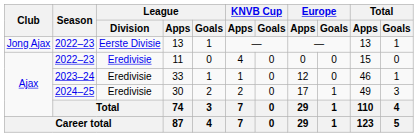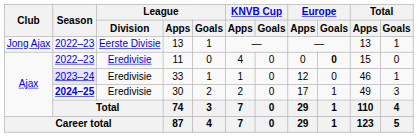 <table class="wikitable" style="text-align: center">
 <tr>
 <th rowspan="2">Club</th>
 <th rowspan="2">Season</th>
 <th colspan="3">League</th>
 <th colspan="2"><a href='#'>KNVB Cup</a></th>
 <th colspan="2"><a href='#'>Europe</a></th>
 <th colspan="2">Total</th>
 </tr>
 <tr>
 <th>Division</th>
 <th>Apps</th>
 <th>Goals</th>
 <th>Apps</th>
 <th>Goals</th>
 <th>Apps</th>
 <th>Goals</th>
 <th>Apps</th>
 <th>Goals</th>
 </tr>
 <tr>
 <td><a href='#'>Jong Ajax</a></td>
 <td><a href='#'>2022–23</a></td>
 <td><a href='#'>Eerste Divisie</a></td>
 <td>13</td>
 <td>1</td>
 <td colspan="2">—</td>
 <td colspan="2">—</td>
 <td>13</td>
 <td>1</td>
 </tr>
 <tr>
 <td rowspan="4"><a href='#'>Ajax</a></td>
 <td><a href='#'>2022–23</a></td>
 <td><a href='#'>Eredivisie</a></td>
 <td>11</td>
 <td>0</td>
 <td>4</td>
 <td>0</td>
 <td>0</td>
-<td>0</td>
+<td><strong>0</strong></td>
 <td>15</td>
 <td>0</td>
 </tr>
 <tr>
-<td><a href='#'>2023–24</a></td>
+<td style="background: lavender;"><a href='#'>2023–24</a></td>
 <td>Eredivisie</td>
 <td>33</td>
 <td>1</td>
 <td>1</td>
 <td>0</td>
 <td>12</td>
 <td>0</td>
 <td>46</td>
 <td>1</td>
 </tr>
 <tr>
-<td><a href='#'>2024–25</a></td>
+<td><strong><a href='#'>2024–25</a></strong></td>
 <td>Eredivisie</td>
 <td>30</td>
 <td>2</td>
 <td>2</td>
 <td>0</td>
 <td>17</td>
 <td>1</td>
 <td>49</td>
 <td>3</td>
 </tr>
 <tr>
 <th colspan="2">Total</th>
 <th>74</th>
 <th>3</th>
 <th>7</th>
 <th>0</th>
 <th>29</th>
 <th>1</th>
 <th>110</th>
 <th>4</th>
 </tr>
 <tr>
 <th colspan="3">Career total</th>
 <th>87</th>
 <th>4</th>
 <th>7</th>
 <th>0</th>
 <th>29</th>
 <th>1</th>
 <th>123</th>
 <th>5</th>
 </tr>
 </table>
